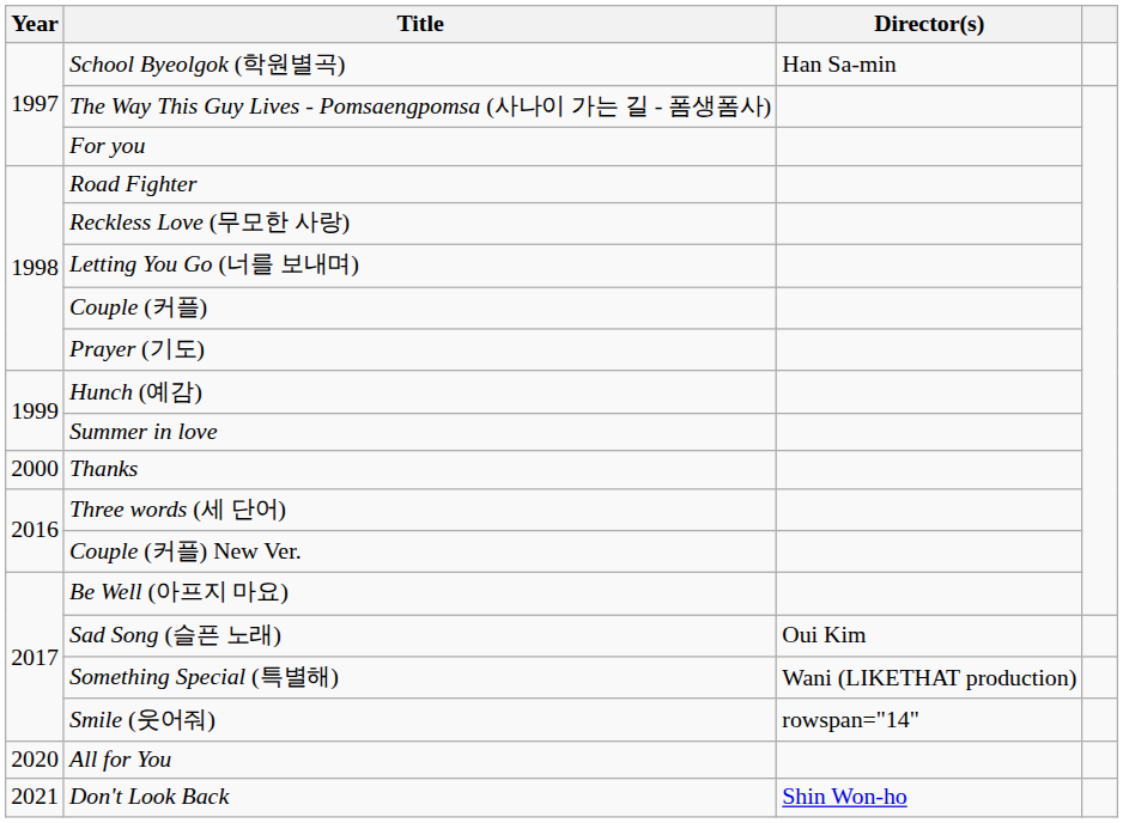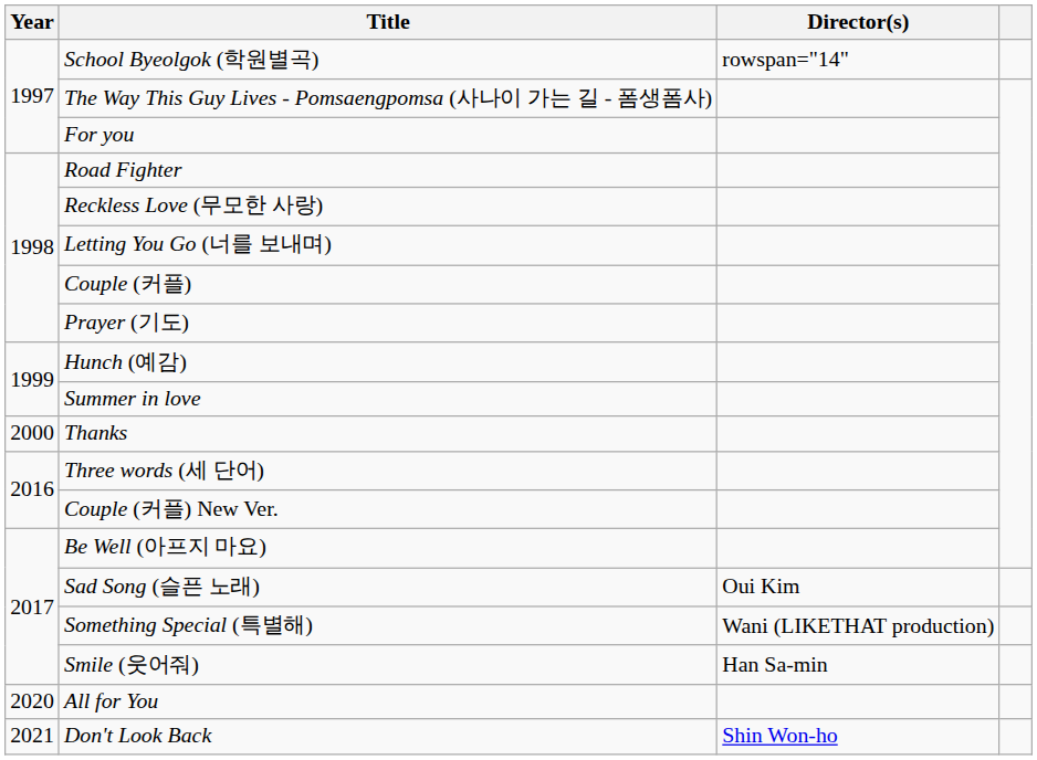 <table class="wikitable">
 <tr>
 <th scope="col">Year</th>
 <th scope="col">Title</th>
 <th scope="col">Director(s)</th>
 <th scope="col" style="width:1em;"></th>
 </tr>
 <tr>
 <td rowspan="3" align="center">1997</td>
 <td><em>School Byeolgok</em> (학원별곡)</td>
-<td>Han Sa-min</td>
+<td>rowspan="14" </td>
 <td></td>
 </tr>
 <tr>
 <td><em>The Way This Guy Lives - Pomsaengpomsa</em> (사나이 가는 길 - 폼생폼사)</td>
 <td></td>
 </tr>
 <tr>
 <td><em>For you</em></td>
 <td></td>
 </tr>
 <tr>
 <td rowspan="5" align="center">1998</td>
 <td><em>Road Fighter</em></td>
 <td></td>
 </tr>
 <tr>
 <td><em>Reckless Love</em> (무모한 사랑)</td>
 <td></td>
 </tr>
 <tr>
 <td><em>Letting You Go</em> (너를 보내며)</td>
 <td></td>
 </tr>
 <tr>
 <td><em>Couple</em> (커플)</td>
 <td></td>
 </tr>
 <tr>
 <td><em>Prayer</em> (기도)</td>
 <td></td>
 </tr>
 <tr>
 <td rowspan="2" align="center">1999</td>
 <td><em>Hunch</em> (예감)</td>
 <td></td>
 </tr>
 <tr>
 <td><em>Summer in love</em></td>
 <td></td>
 </tr>
 <tr>
 <td align="center">2000</td>
 <td><em>Thanks</em></td>
 <td></td>
 </tr>
 <tr>
 <td rowspan="2" align="center">2016</td>
 <td><em>Three words</em> (세 단어)</td>
 <td></td>
 </tr>
 <tr>
 <td><em>Couple</em> (커플) New Ver.</td>
 <td></td>
 </tr>
 <tr>
 <td rowspan="4" align="center">2017</td>
 <td><em>Be Well</em> (아프지 마요)</td>
 <td></td>
 </tr>
 <tr>
 <td><em>Sad Song</em> (슬픈 노래)</td>
 <td>Oui Kim</td>
 <td></td>
 </tr>
 <tr>
 <td><em>Something Special</em> (특별해)</td>
 <td>Wani (LIKETHAT production)</td>
 <td></td>
 </tr>
 <tr>
 <td><em>Smile</em> (웃어줘)</td>
-<td>rowspan="14" </td>
+<td>Han Sa-min</td>
 <td></td>
 </tr>
 <tr>
 <td align="center">2020</td>
 <td><em>All for You</em></td>
 <td></td>
 <td></td>
 </tr>
 <tr>
 <td align="center">2021</td>
 <td><em>Don't Look Back</em></td>
 <td><a href='#'>Shin Won-ho</a></td>
 <td></td>
 </tr>
 </table>
